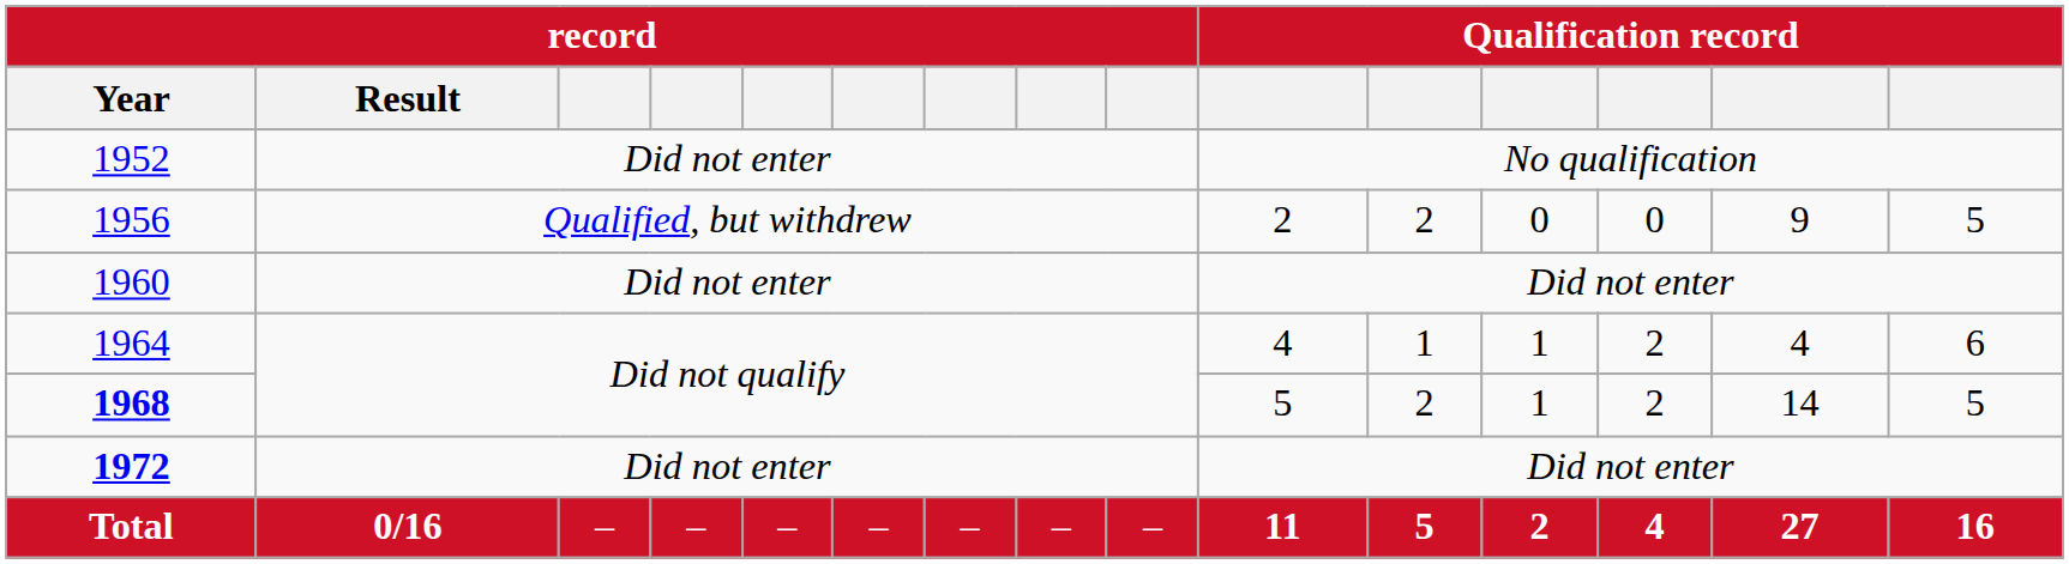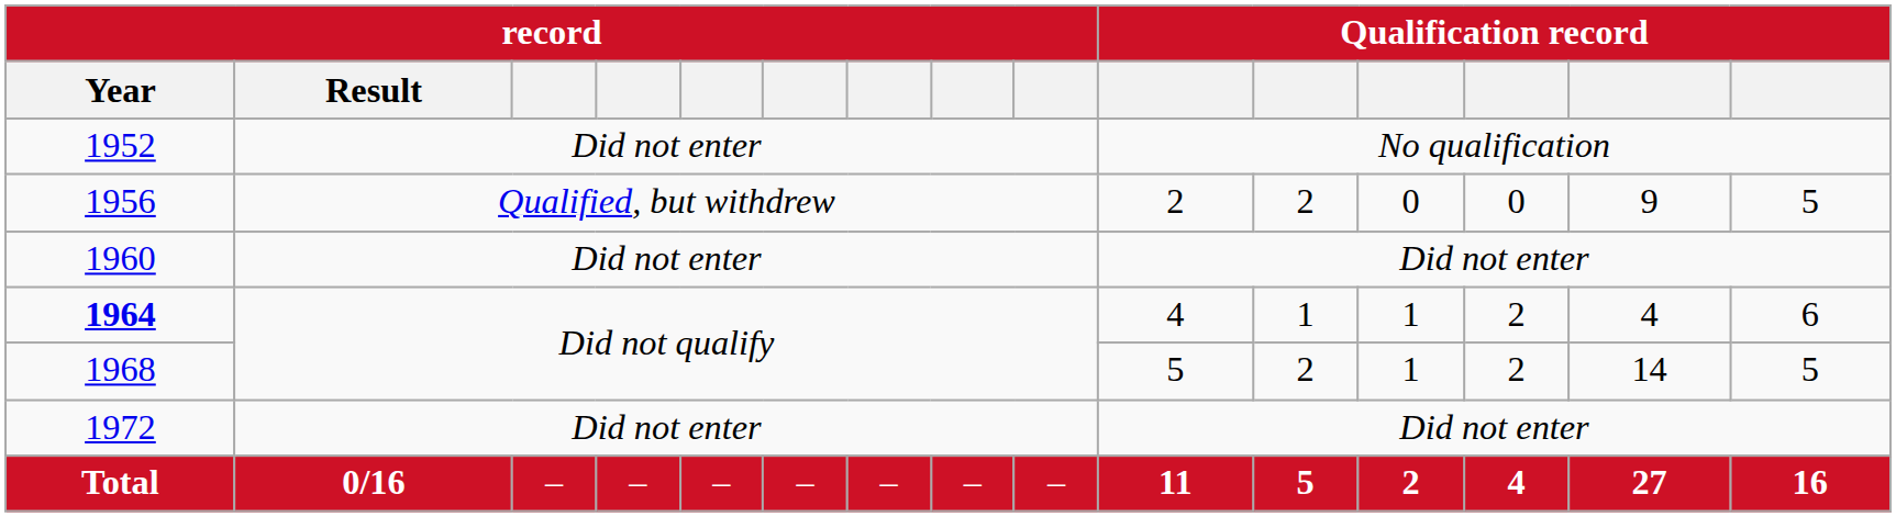 <table class="wikitable" style="text-align: center; width: 850px;">
 <tr>
 <th colspan="9" style="background-color: #CE1126; color: #FFFFFF;"><a href='#'></a> record</th>
 <th colspan=6 style="background-color: #CE1126; color: #FFFFFF;">Qualification record</th>
 </tr>
 <tr>
 <th>Year</th>
 <th>Result</th>
 <th></th>
 <th></th>
 <th></th>
 <th></th>
 <th></th>
 <th></th>
 <th></th>
 <th></th>
 <th></th>
 <th></th>
 <th></th>
 <th></th>
 <th></th>
 </tr>
 <tr>
 <td> <a href='#'>1952</a></td>
 <td colspan=8><em>Did not enter</em></td>
 <td colspan=6><em>No qualification</em></td>
 </tr>
 <tr>
 <td> <a href='#'>1956</a></td>
 <td colspan=8><em><a href='#'>Qualified</a>, but withdrew</em></td>
 <td>2</td>
 <td>2</td>
 <td>0</td>
 <td>0</td>
 <td>9</td>
 <td>5</td>
 </tr>
 <tr>
 <td> <a href='#'>1960</a></td>
 <td colspan=8><em>Did not enter</em></td>
 <td colspan=6><em>Did not enter</em></td>
 </tr>
 <tr>
-<td> <a href='#'>1964</a></td>
+<td><strong> <a href='#'>1964</a></strong></td>
 <td rowspan=2 colspan=8><em>Did not qualify</em></td>
 <td>4</td>
 <td>1</td>
 <td>1</td>
 <td>2</td>
 <td>4</td>
 <td>6</td>
 </tr>
 <tr>
-<td><strong> <a href='#'>1968</a></strong></td>
+<td> <a href='#'>1968</a></td>
 <td>5</td>
 <td>2</td>
 <td>1</td>
 <td>2</td>
 <td>14</td>
 <td>5</td>
 </tr>
 <tr>
-<td><strong> <a href='#'>1972</a></strong></td>
+<td> <a href='#'>1972</a></td>
 <td colspan=8><em>Did not enter</em></td>
 <td colspan=6><em>Did not enter</em></td>
 </tr>
 <tr style="background-color: #CE1126; color: #FFFFFF;" |>
 <td><strong>Total</strong></td>
 <td><strong>0/16</strong></td>
 <td>–</td>
 <td>–</td>
 <td>–</td>
 <td>–</td>
 <td>–</td>
 <td>–</td>
 <td>–</td>
 <td –><strong>11</strong></td>
 <td><strong>5</strong></td>
 <td><strong>2</strong></td>
 <td><strong>4</strong></td>
 <td><strong>27</strong></td>
 <td><strong>16</strong></td>
 </tr>
 </table>
